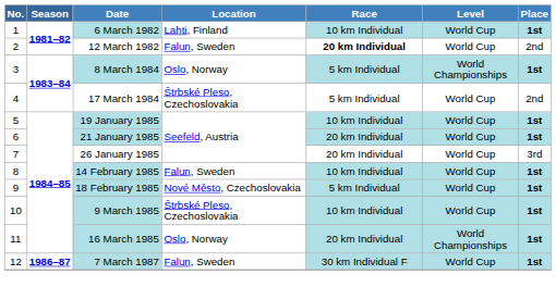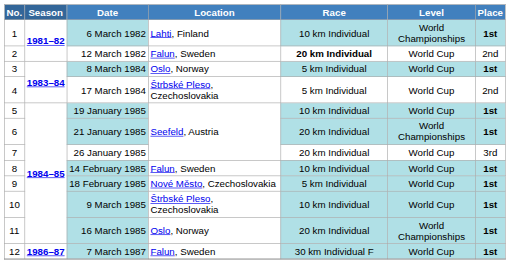 <table class="wikitable sortable" style="font-size:95%; text-align:center; border:grey solid 1px; border-collapse:collapse; background:#ffffff;">
 <tr style="background:#efefef;">
 <th style="background-color:#369; color:white;">No.</th>
 <th style="background-color:#369; color:white;">Season</th>
 <th style="background-color:#4180be; color:white; width:120px;">Date</th>
 <th style="background-color:#4180be; color:white; width:200px;">Location</th>
 <th style="background-color:#4180be; color:white; width:160px;">Race</th>
 <th style="background-color:#4180be; color:white; width:130px;">Level</th>
 <th style="background-color:#4180be; color:white;">Place</th>
 </tr>
 <tr>
 <td align=center>1</td>
 <td rowspan=2 align=center><strong><a href='#'>1981–82</a></strong></td>
 <td bgcolor="#BOEOE6" align=right>6 March 1982</td>
 <td align=left> <a href='#'>Lahti</a>, Finland</td>
 <td bgcolor="#BOEOE6">10 km Individual</td>
-<td bgcolor="#BOEOE6">World Cup</td>
+<td bgcolor="#BOEOE6">World Championships</td>
 <td bgcolor="#BOEOE6"><strong>1st</strong></td>
 </tr>
 <tr>
 <td align=center>2</td>
 <td align=right>12 March 1982</td>
 <td align=left> <a href='#'>Falun</a>, Sweden</td>
 <td><strong>20 km Individual</strong></td>
 <td>World Cup</td>
 <td>2nd</td>
 </tr>
 <tr>
 <td align=center>3</td>
 <td rowspan=2 align=center><strong><a href='#'>1983–84</a></strong></td>
 <td bgcolor="#BOEOE6" align=right>8 March 1984</td>
 <td align=left> <a href='#'>Oslo</a>, Norway</td>
 <td bgcolor="#BOEOE6">5 km Individual</td>
-<td bgcolor="#BOEOE6">World Championships</td>
+<td bgcolor="#BOEOE6">World Cup</td>
 <td bgcolor="#BOEOE6"><strong>1st</strong></td>
 </tr>
 <tr>
 <td align=center>4</td>
 <td align=right>17 March 1984</td>
 <td align=left> <a href='#'>Štrbské Pleso</a>, Czechoslovakia</td>
 <td>5 km Individual</td>
 <td>World Cup</td>
 <td>2nd</td>
 </tr>
 <tr>
 <td align=center>5</td>
 <td rowspan=7 align=center><strong><a href='#'>1984–85</a></strong></td>
 <td bgcolor="#BOEOE6" align=right>19 January 1985</td>
 <td rowspan=3 align=left> <a href='#'>Seefeld</a>, Austria</td>
 <td bgcolor="#BOEOE6">10 km Individual</td>
 <td bgcolor="#BOEOE6">World Cup</td>
 <td bgcolor="#BOEOE6"><strong>1st</strong></td>
 </tr>
 <tr>
 <td align=center>6</td>
 <td bgcolor="#BOEOE6" align=right>21 January 1985</td>
 <td bgcolor="#BOEOE6">20 km Individual</td>
-<td bgcolor="#BOEOE6">World Cup</td>
+<td bgcolor="#BOEOE6">World Championships</td>
 <td bgcolor="#BOEOE6"><strong>1st</strong></td>
 </tr>
 <tr>
 <td align=center>7</td>
 <td align=right>26 January 1985</td>
 <td>20 km Individual</td>
 <td>World Cup</td>
 <td>3rd</td>
 </tr>
 <tr>
 <td align=center>8</td>
 <td bgcolor="#BOEOE6" align=right>14 February 1985</td>
 <td align=left> <a href='#'>Falun</a>, Sweden</td>
 <td bgcolor="#BOEOE6">10 km Individual</td>
 <td bgcolor="#BOEOE6">World Cup</td>
 <td bgcolor="#BOEOE6"><strong>1st</strong></td>
 </tr>
 <tr>
 <td align=center>9</td>
 <td bgcolor="#BOEOE6" align=right>18 February 1985</td>
 <td align=left> <a href='#'>Nové Město</a>, Czechoslovakia</td>
 <td bgcolor="#BOEOE6">5 km Individual</td>
 <td bgcolor="#BOEOE6">World Cup</td>
 <td bgcolor="#BOEOE6"><strong>1st</strong></td>
 </tr>
 <tr>
 <td align=center>10</td>
 <td bgcolor="#BOEOE6" align=right>9 March 1985</td>
 <td align=left> <a href='#'>Štrbské Pleso</a>, Czechoslovakia</td>
 <td bgcolor="#BOEOE6">10 km Individual</td>
 <td bgcolor="#BOEOE6">World Cup</td>
 <td bgcolor="#BOEOE6"><strong>1st</strong></td>
 </tr>
 <tr>
 <td align=center>11</td>
 <td bgcolor="#BOEOE6" align=right>16 March 1985</td>
 <td align=left> <a href='#'>Oslo</a>, Norway</td>
 <td bgcolor="#BOEOE6">20 km Individual</td>
 <td bgcolor="#BOEOE6">World Championships</td>
 <td bgcolor="#BOEOE6"><strong>1st</strong></td>
 </tr>
 <tr>
 <td align=center>12</td>
 <td rowspan=1 align=center><strong><a href='#'>1986–87</a></strong></td>
 <td bgcolor="#BOEOE6" align=right>7 March 1987</td>
 <td align=left> <a href='#'>Falun</a>, Sweden</td>
 <td bgcolor="#BOEOE6">30 km Individual F</td>
 <td bgcolor="#BOEOE6">World Cup</td>
 <td bgcolor="#BOEOE6"><strong>1st</strong></td>
 </tr>
 <tr>
 </tr>
 </table>
